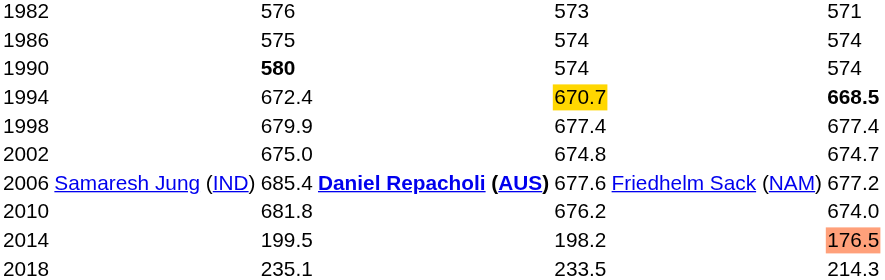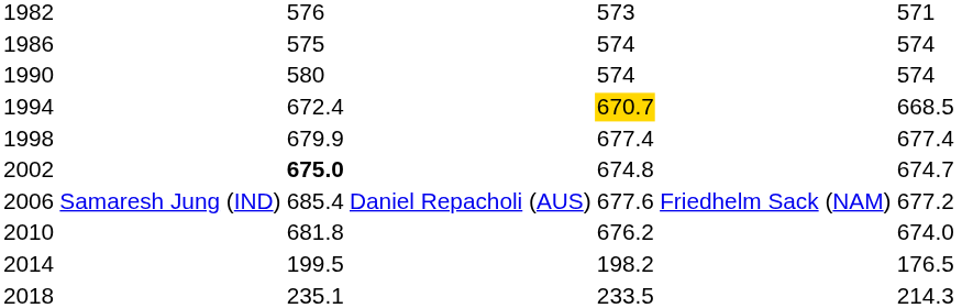 <table>
 <tr>
 <td>1982</td>
 <td></td>
 <td>576</td>
 <td></td>
 <td>573</td>
 <td></td>
 <td>571</td>
 </tr>
 <tr>
 <td>1986</td>
 <td></td>
 <td>575</td>
 <td></td>
 <td>574</td>
 <td></td>
 <td>574</td>
 </tr>
 <tr>
 <td>1990</td>
 <td></td>
-<td><strong>580</strong></td>
+<td>580</td>
 <td></td>
 <td>574</td>
 <td></td>
 <td>574</td>
 </tr>
 <tr>
 <td>1994</td>
 <td></td>
 <td>672.4</td>
 <td></td>
 <td style="background: gold;">670.7</td>
 <td></td>
-<td><strong>668.5</strong></td>
+<td>668.5</td>
 </tr>
 <tr>
 <td>1998</td>
 <td></td>
 <td>679.9</td>
 <td></td>
 <td>677.4</td>
 <td></td>
 <td>677.4</td>
 </tr>
 <tr>
 <td>2002</td>
 <td></td>
-<td>675.0</td>
+<td><strong>675.0</strong></td>
 <td></td>
 <td>674.8</td>
 <td></td>
 <td>674.7</td>
 </tr>
 <tr>
 <td>2006</td>
 <td> <a href='#'>Samaresh Jung</a> (<a href='#'>IND</a>)</td>
 <td>685.4</td>
-<td><strong> <a href='#'>Daniel Repacholi</a> (<a href='#'>AUS</a>)</strong></td>
+<td> <a href='#'>Daniel Repacholi</a> (<a href='#'>AUS</a>)</td>
 <td>677.6</td>
 <td> <a href='#'>Friedhelm Sack</a> (<a href='#'>NAM</a>)</td>
 <td>677.2</td>
 </tr>
 <tr>
 <td>2010<br></td>
 <td></td>
 <td>681.8</td>
 <td></td>
 <td>676.2</td>
 <td></td>
 <td>674.0</td>
 </tr>
 <tr>
 <td>2014<br></td>
 <td></td>
 <td>199.5</td>
 <td></td>
 <td>198.2</td>
 <td></td>
-<td style="background: lightsalmon;">176.5</td>
+<td>176.5</td>
 </tr>
 <tr>
 <td>2018<br></td>
 <td></td>
 <td>235.1</td>
 <td></td>
 <td>233.5</td>
 <td></td>
 <td>214.3</td>
 </tr>
 </table>
